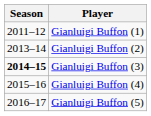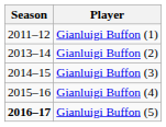 <table class="wikitable">
 <tr>
 <th>Season</th>
 <th>Player</th>
 </tr>
 <tr>
 <td>2011–12</td>
 <td> <a href='#'>Gianluigi Buffon</a> (1)</td>
 </tr>
 <tr>
 <td>2013–14</td>
 <td> <a href='#'>Gianluigi Buffon</a> (2)</td>
 </tr>
 <tr>
-<td><strong>2014–15</strong></td>
+<td>2014–15</td>
 <td> <a href='#'>Gianluigi Buffon</a> (3)</td>
 </tr>
 <tr>
 <td>2015–16</td>
 <td> <a href='#'>Gianluigi Buffon</a> (4)</td>
 </tr>
 <tr>
-<td>2016–17</td>
+<td><strong>2016–17</strong></td>
 <td> <a href='#'>Gianluigi Buffon</a> (5)</td>
 </tr>
 </table>
